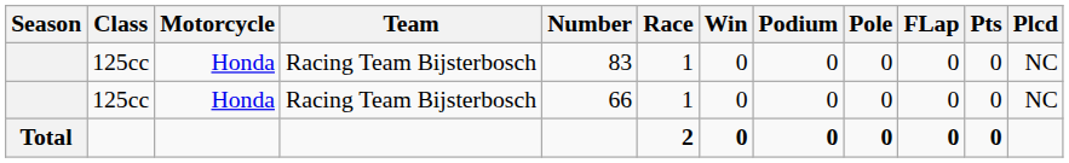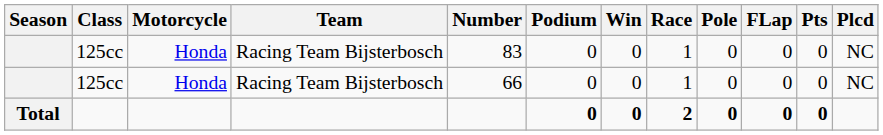 <table class="wikitable" style=text-align:right>
 <tr>
 <th>Season</th>
 <th>Class</th>
 <th>Motorcycle</th>
 <th>Team</th>
 <th>Number</th>
+<th>Podium</th>
+<th>Win</th>
 <th>Race</th>
-<th>Win</th>
-<th>Podium</th>
 <th>Pole</th>
 <th>FLap</th>
 <th>Pts</th>
 <th>Plcd</th>
 </tr>
 <tr>
 <th></th>
 <td>125cc</td>
 <td><a href='#'>Honda</a></td>
 <td>Racing Team Bijsterbosch</td>
 <td>83</td>
-<td>1</td>
 <td>0</td>
 <td>0</td>
+<td>1</td>
 <td>0</td>
 <td>0</td>
 <td>0</td>
 <td>NC</td>
 </tr>
 <tr>
 <th></th>
 <td>125cc</td>
 <td><a href='#'>Honda</a></td>
 <td>Racing Team Bijsterbosch</td>
 <td>66</td>
-<td>1</td>
 <td>0</td>
 <td>0</td>
+<td>1</td>
 <td>0</td>
 <td>0</td>
 <td>0</td>
 <td>NC</td>
 </tr>
 <tr>
 <th>Total</th>
 <td></td>
 <td></td>
 <td></td>
 <td></td>
-<td><strong>2</strong></td>
 <td><strong>0</strong></td>
 <td><strong>0</strong></td>
+<td><strong>2</strong></td>
 <td><strong>0</strong></td>
 <td><strong>0</strong></td>
 <td><strong>0</strong></td>
 <td></td>
 </tr>
 </table>
